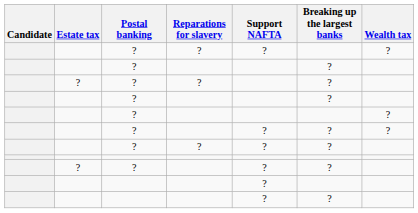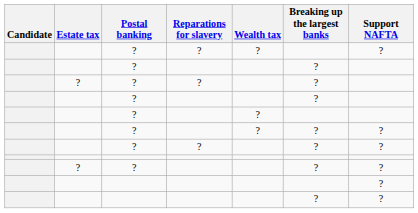 <table class="wikitable sortable" style=margin:auto;table-layout:fixed;text-align:center>
 <tr valign=bottom>
 <th>Candidate</th>
 <th style=max-width:6em><a href='#'>Estate tax</a></th>
 <th style=max-width:6em><a href='#'>Postal banking</a></th>
 <th style=max-width:6em><a href='#'>Reparations for slavery</a></th>
+<th style=max-width:6em><a href='#'>Wealth tax</a></th>
+<th style=max-width:6em>Breaking up the largest <a href='#'>banks</a></th>
 <th style=max-width:6em>Support <a href='#'>NAFTA</a></th>
-<th style=max-width:6em>Breaking up the largest <a href='#'>banks</a></th>
-<th style=max-width:6em><a href='#'>Wealth tax</a></th>
 </tr>
 <tr>
 <th></th>
 <td></td>
 <td>?</td>
 <td>?</td>
 <td>?</td>
 <td></td>
 <td>?</td>
 </tr>
 <tr>
 <th></th>
 <td></td>
 <td>?</td>
 <td></td>
 <td></td>
 <td>?</td>
 <td></td>
 </tr>
 <tr>
 <th></th>
 <td>?</td>
 <td>?</td>
 <td>?</td>
 <td></td>
 <td>?</td>
 <td></td>
 </tr>
 <tr>
 <th></th>
 <td></td>
 <td>?</td>
 <td></td>
 <td></td>
 <td>?</td>
 <td></td>
 </tr>
 <tr>
 <th></th>
 <td></td>
 <td>?</td>
 <td></td>
+<td>?</td>
 <td></td>
 <td></td>
-<td>?</td>
 </tr>
 <tr>
 <th></th>
 <td></td>
 <td>?</td>
 <td></td>
 <td>?</td>
 <td>?</td>
 <td>?</td>
 </tr>
 <tr>
 <th></th>
 <td></td>
 <td>?</td>
 <td>?</td>
+<td></td>
 <td>?</td>
 <td>?</td>
-<td></td>
 </tr>
 <tr>
 <th></th>
 <td></td>
 <td></td>
 <td></td>
 <td></td>
 <td></td>
 <td></td>
 </tr>
 <tr>
 <th></th>
 <td>?</td>
 <td>?</td>
 <td></td>
+<td></td>
 <td>?</td>
 <td>?</td>
-<td></td>
 </tr>
 <tr>
 <th></th>
 <td></td>
 <td></td>
 <td></td>
-<td>?</td>
 <td></td>
 <td></td>
+<td>?</td>
 </tr>
 <tr>
 <th></th>
 <td></td>
 <td></td>
 <td></td>
+<td></td>
 <td>?</td>
 <td>?</td>
-<td></td>
 </tr>
 </table>
